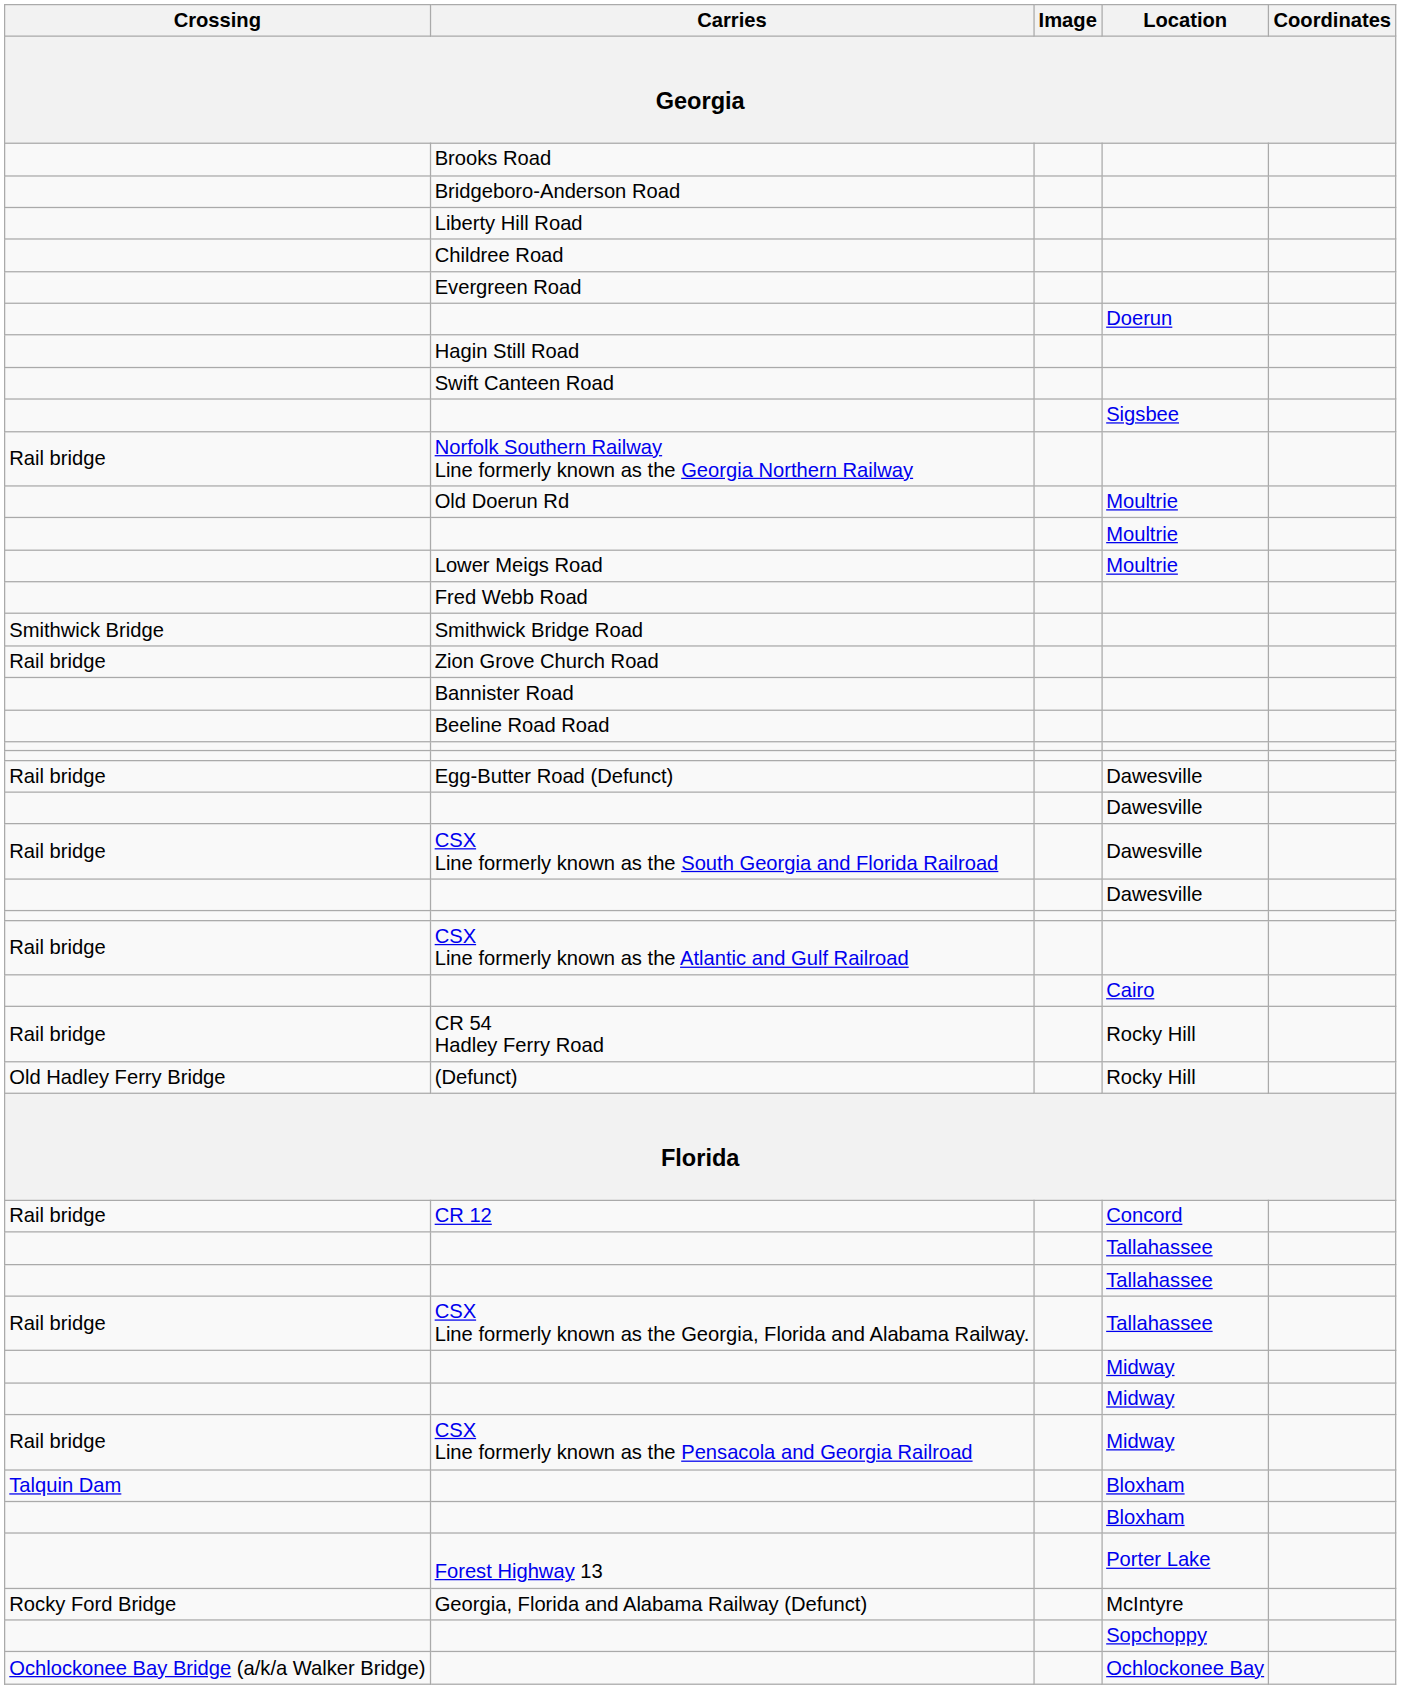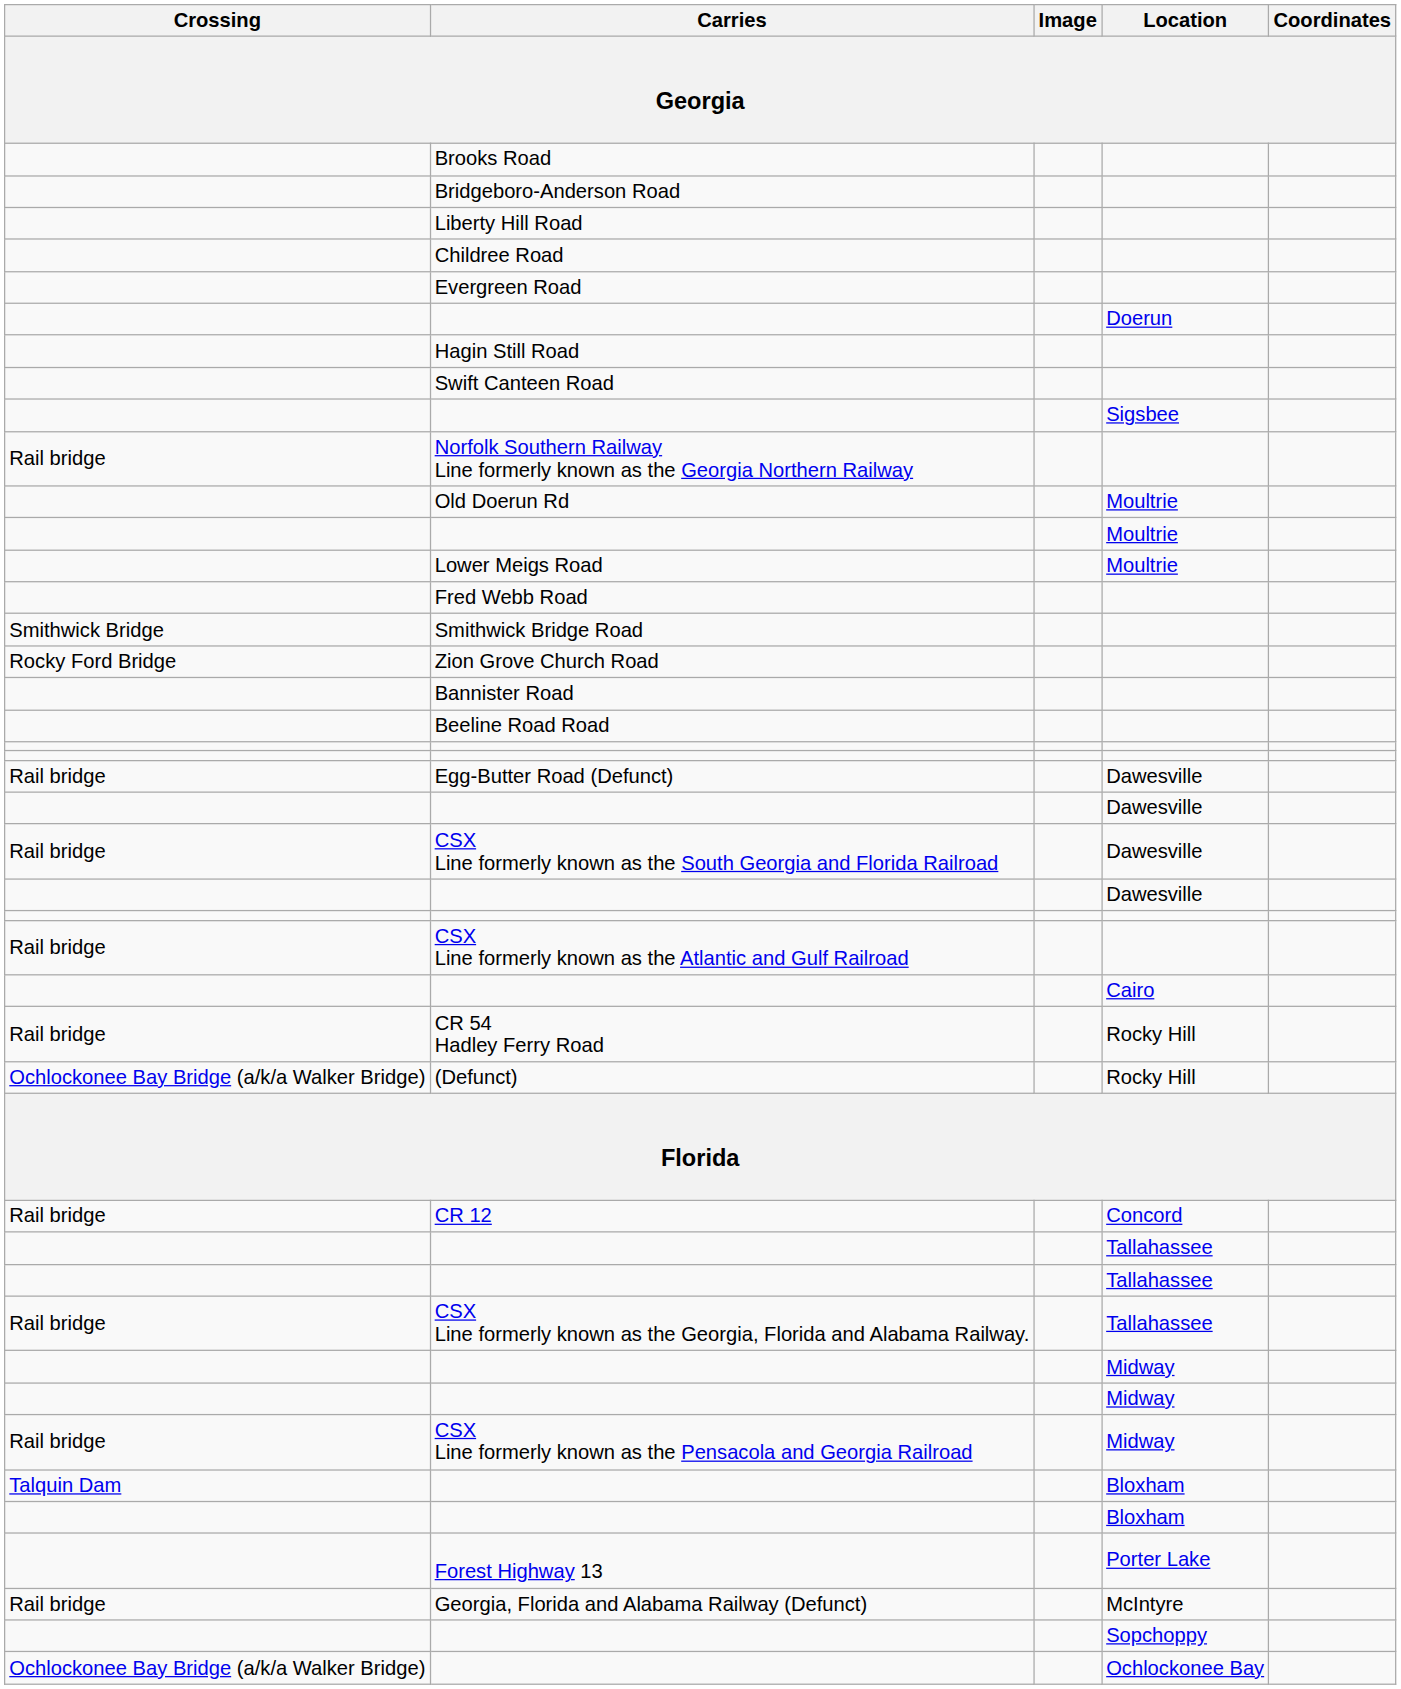 <table class=wikitable>
 <tr>
 <th>Crossing</th>
 <th>Carries</th>
 <th>Image</th>
 <th>Location</th>
 <th>Coordinates</th>
 </tr>
 <tr>
 <th colspan=5><br><h3>Georgia</h3></th>
 </tr>
 <tr>
 <td></td>
 <td>Brooks Road</td>
 <td></td>
 <td></td>
 <td></td>
 </tr>
 <tr>
 <td></td>
 <td>Bridgeboro-Anderson Road</td>
 <td></td>
 <td></td>
 <td></td>
 </tr>
 <tr>
 <td></td>
 <td>Liberty Hill Road</td>
 <td></td>
 <td></td>
 <td></td>
 </tr>
 <tr>
 <td></td>
 <td>Childree Road</td>
 <td></td>
 <td></td>
 <td></td>
 </tr>
 <tr>
 <td></td>
 <td>Evergreen Road</td>
 <td></td>
 <td></td>
 <td></td>
 </tr>
 <tr>
 <td></td>
 <td></td>
 <td></td>
 <td><a href='#'>Doerun</a></td>
 <td></td>
 </tr>
 <tr>
 <td></td>
 <td>Hagin Still Road</td>
 <td></td>
 <td></td>
 <td></td>
 </tr>
 <tr>
 <td></td>
 <td>Swift Canteen Road</td>
 <td></td>
 <td></td>
 <td></td>
 </tr>
 <tr>
 <td></td>
 <td></td>
 <td></td>
 <td><a href='#'>Sigsbee</a></td>
 <td></td>
 </tr>
 <tr>
 <td>Rail bridge</td>
 <td><a href='#'>Norfolk Southern Railway</a> <br> Line formerly known as the <a href='#'>Georgia Northern Railway</a></td>
 <td></td>
 <td></td>
 <td></td>
 </tr>
 <tr>
 <td></td>
 <td>Old Doerun Rd</td>
 <td></td>
 <td><a href='#'>Moultrie</a></td>
 <td></td>
 </tr>
 <tr>
 <td></td>
 <td></td>
 <td></td>
 <td><a href='#'>Moultrie</a></td>
 <td></td>
 </tr>
 <tr>
 <td></td>
 <td>Lower Meigs Road</td>
 <td></td>
 <td><a href='#'>Moultrie</a></td>
 <td></td>
 </tr>
 <tr>
 <td></td>
 <td>Fred Webb Road</td>
 <td></td>
 <td></td>
 <td></td>
 </tr>
 <tr>
 <td>Smithwick Bridge</td>
 <td>Smithwick Bridge Road</td>
 <td></td>
 <td></td>
 <td></td>
 </tr>
 <tr>
-<td>Rail bridge</td>
+<td>Rocky Ford Bridge</td>
 <td>Zion Grove Church Road</td>
 <td></td>
 <td></td>
 <td></td>
 </tr>
 <tr>
 <td></td>
 <td>Bannister Road</td>
 <td></td>
 <td></td>
 <td></td>
 </tr>
 <tr>
 <td></td>
 <td>Beeline Road Road</td>
 <td></td>
 <td></td>
 <td></td>
 </tr>
 <tr>
 <td></td>
 <td></td>
 <td></td>
 <td></td>
 <td></td>
 </tr>
 <tr>
 <td></td>
 <td></td>
 <td></td>
 <td></td>
 <td></td>
 </tr>
 <tr>
 <td>Rail bridge</td>
 <td>Egg-Butter Road (Defunct)</td>
 <td></td>
 <td>Dawesville</td>
 <td></td>
 </tr>
 <tr>
 <td></td>
 <td></td>
 <td></td>
 <td>Dawesville</td>
 <td></td>
 </tr>
 <tr>
 <td>Rail bridge</td>
 <td><a href='#'>CSX</a> <br> Line formerly known as the <a href='#'>South Georgia and Florida Railroad</a></td>
 <td></td>
 <td>Dawesville</td>
 <td></td>
 </tr>
 <tr>
 <td></td>
 <td></td>
 <td></td>
 <td>Dawesville</td>
 <td></td>
 </tr>
 <tr>
 <td></td>
 <td></td>
 <td></td>
 <td></td>
 <td></td>
 </tr>
 <tr>
 <td>Rail bridge</td>
 <td><a href='#'>CSX</a> <br> Line formerly known as the <a href='#'>Atlantic and Gulf Railroad</a></td>
 <td></td>
 <td></td>
 <td></td>
 </tr>
 <tr>
 <td></td>
 <td></td>
 <td></td>
 <td><a href='#'>Cairo</a></td>
 <td></td>
 </tr>
 <tr>
 <td>Rail bridge</td>
 <td>CR 54<br>Hadley Ferry Road</td>
 <td></td>
 <td>Rocky Hill</td>
 <td></td>
 </tr>
 <tr>
-<td>Old Hadley Ferry Bridge</td>
+<td><a href='#'>Ochlockonee Bay Bridge</a> (a/k/a Walker Bridge)</td>
 <td>(Defunct)</td>
 <td></td>
 <td>Rocky Hill</td>
 <td></td>
 </tr>
 <tr>
 <th colspan=5><br><h3>Florida</h3></th>
 </tr>
 <tr>
 <td>Rail bridge</td>
 <td> <a href='#'>CR 12</a></td>
 <td></td>
 <td><a href='#'>Concord</a></td>
 <td></td>
 </tr>
 <tr>
 <td></td>
 <td><br></td>
 <td></td>
 <td><a href='#'>Tallahassee</a></td>
 <td></td>
 </tr>
 <tr>
 <td></td>
 <td></td>
 <td></td>
 <td><a href='#'>Tallahassee</a></td>
 <td></td>
 </tr>
 <tr>
 <td>Rail bridge</td>
 <td><a href='#'>CSX</a> <br>Line formerly known as the Georgia, Florida and Alabama Railway.</td>
 <td></td>
 <td><a href='#'>Tallahassee</a></td>
 <td></td>
 </tr>
 <tr>
 <td></td>
 <td></td>
 <td></td>
 <td><a href='#'>Midway</a></td>
 <td></td>
 </tr>
 <tr>
 <td></td>
 <td></td>
 <td></td>
 <td><a href='#'>Midway</a></td>
 <td></td>
 </tr>
 <tr>
 <td>Rail bridge</td>
 <td><a href='#'>CSX</a> <br> Line formerly known as the <a href='#'>Pensacola and Georgia Railroad</a></td>
 <td></td>
 <td><a href='#'>Midway</a></td>
 <td></td>
 </tr>
 <tr>
 <td><a href='#'>Talquin Dam</a></td>
 <td></td>
 <td></td>
 <td><a href='#'>Bloxham</a></td>
 <td></td>
 </tr>
 <tr>
 <td></td>
 <td></td>
 <td></td>
 <td><a href='#'>Bloxham</a></td>
 <td></td>
 </tr>
 <tr>
 <td></td>
 <td><br><a href='#'>Forest Highway</a> 13</td>
 <td></td>
 <td><a href='#'>Porter Lake</a></td>
 <td></td>
 </tr>
 <tr>
-<td>Rocky Ford Bridge</td>
+<td>Rail bridge</td>
 <td>Georgia, Florida and Alabama Railway (Defunct)</td>
 <td></td>
 <td>McIntyre</td>
 <td></td>
 </tr>
 <tr>
 <td></td>
 <td></td>
 <td></td>
 <td><a href='#'>Sopchoppy</a></td>
 <td></td>
 </tr>
 <tr>
 <td><a href='#'>Ochlockonee Bay Bridge</a> (a/k/a Walker Bridge)</td>
 <td></td>
 <td></td>
 <td><a href='#'>Ochlockonee Bay</a></td>
 <td></td>
 </tr>
 </table>
